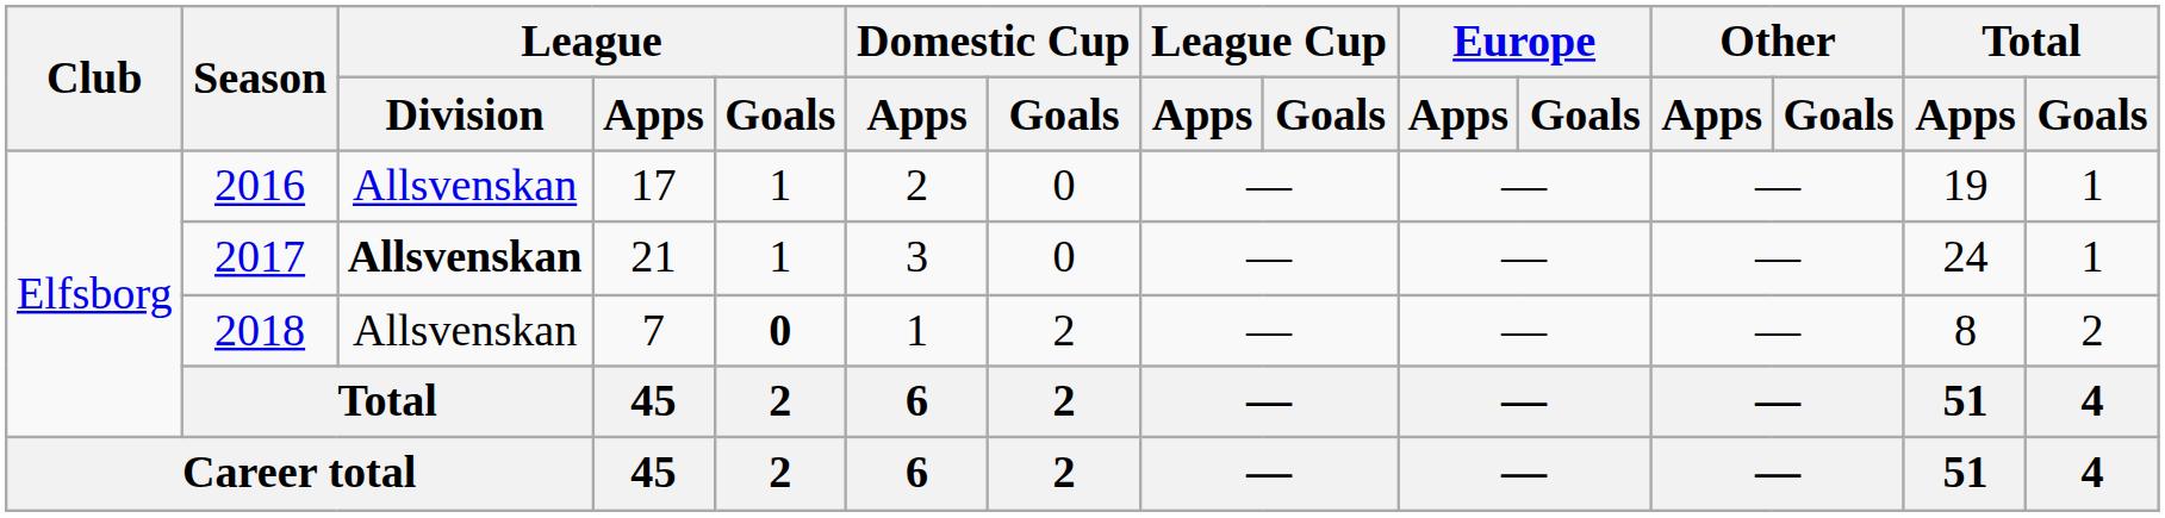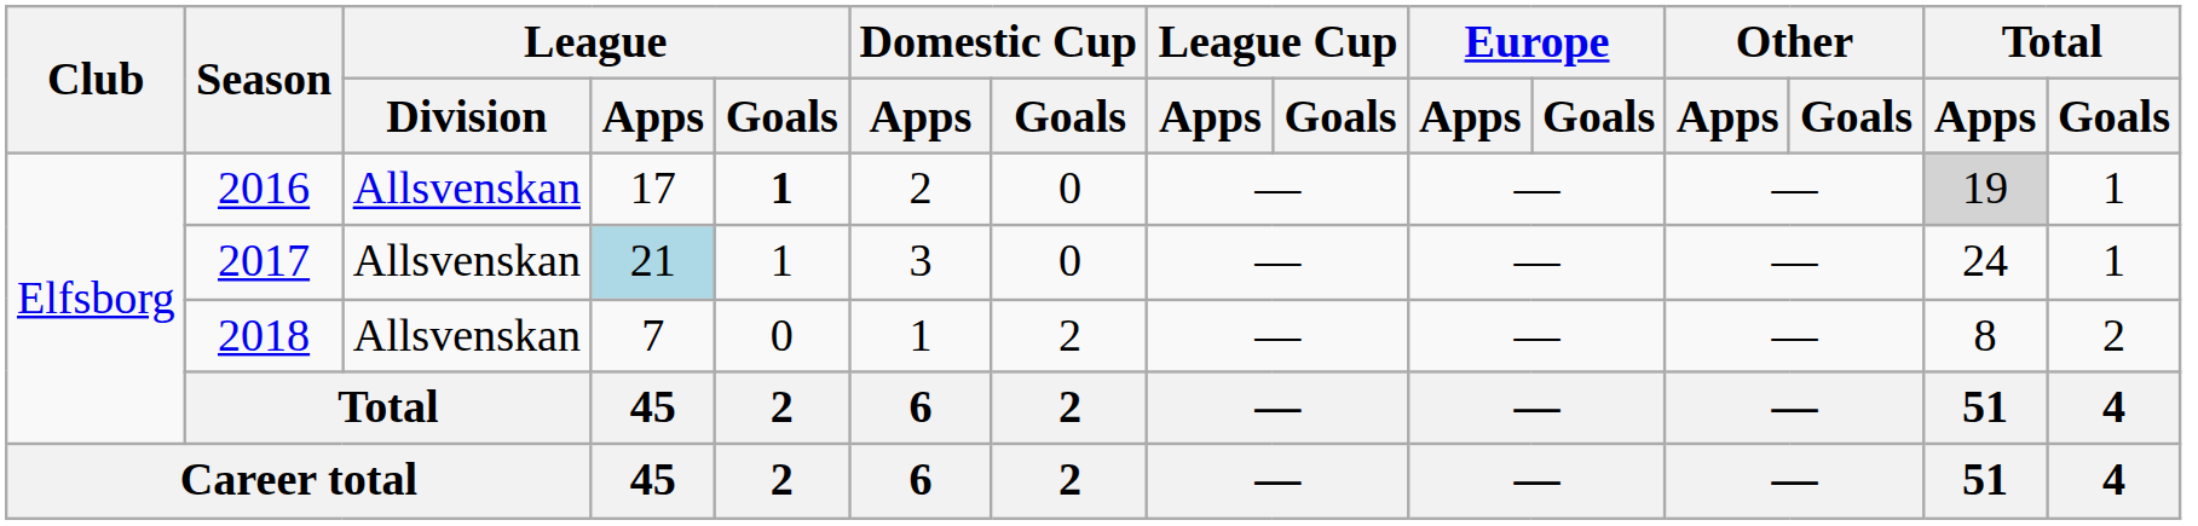 <table class="wikitable" style="text-align: center;">
 <tr>
 <th rowspan="2">Club</th>
 <th rowspan="2">Season</th>
 <th colspan="3">League</th>
 <th colspan="2">Domestic Cup</th>
 <th colspan="2">League Cup</th>
 <th colspan="2"><a href='#'>Europe</a></th>
 <th colspan="2">Other</th>
 <th colspan="2">Total</th>
 </tr>
 <tr>
 <th>Division</th>
 <th>Apps</th>
 <th>Goals</th>
 <th>Apps</th>
 <th>Goals</th>
 <th>Apps</th>
 <th>Goals</th>
 <th>Apps</th>
 <th>Goals</th>
 <th>Apps</th>
 <th>Goals</th>
 <th>Apps</th>
 <th>Goals</th>
 </tr>
 <tr>
 <td rowspan="4"><a href='#'>Elfsborg</a></td>
 <td><a href='#'>2016</a></td>
 <td><a href='#'>Allsvenskan</a></td>
 <td>17</td>
-<td>1</td>
+<td><strong>1</strong></td>
 <td>2</td>
 <td>0</td>
 <td colspan="2">—</td>
 <td colspan="2">—</td>
 <td colspan="2">—</td>
-<td>19</td>
+<td style="background: lightgrey;">19</td>
 <td>1</td>
 </tr>
 <tr>
 <td><a href='#'>2017</a></td>
-<td><strong>Allsvenskan</strong></td>
-<td>21</td>
+<td>Allsvenskan</td>
+<td style="background: lightblue;">21</td>
 <td>1</td>
 <td>3</td>
 <td>0</td>
 <td colspan="2">—</td>
 <td colspan="2">—</td>
 <td colspan="2">—</td>
 <td>24</td>
 <td>1</td>
 </tr>
 <tr>
 <td><a href='#'>2018</a></td>
 <td>Allsvenskan</td>
 <td>7</td>
-<td><strong>0</strong></td>
+<td>0</td>
 <td>1</td>
 <td>2</td>
 <td colspan="2">—</td>
 <td colspan="2">—</td>
 <td colspan="2">—</td>
 <td>8</td>
 <td>2</td>
 </tr>
 <tr>
 <th colspan="2">Total</th>
 <th>45</th>
 <th>2</th>
 <th>6</th>
 <th>2</th>
 <th colspan="2">—</th>
 <th colspan="2">—</th>
 <th colspan="2">—</th>
 <th>51</th>
 <th>4</th>
 </tr>
 <tr>
 <th colspan="3">Career total</th>
 <th>45</th>
 <th>2</th>
 <th>6</th>
 <th>2</th>
 <th colspan="2">—</th>
 <th colspan="2">—</th>
 <th colspan="2">—</th>
 <th>51</th>
 <th>4</th>
 </tr>
 </table>
